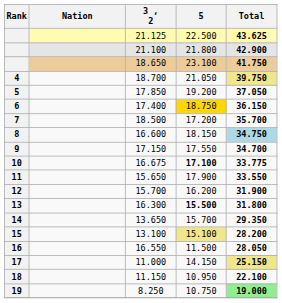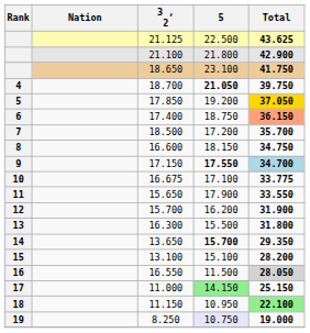 <table class="wikitable sortable" style="text-align:center; font-size:85%">
 <tr>
 <th scope="col" style="width:20px;">Rank</th>
 <th ! scope="col" style="width:120px;">Nation</th>
 <th scope="col" style="width:60px;" !>3 ,<br>2 </th>
 <th ! scope="col" style="width:60px;">5 </th>
 <th ! scope="col" style="width:60px;">Total</th>
 </tr>
 <tr bgcolor=fffcaf>
 <th scope=row></th>
 <td align=left></td>
 <td>21.125</td>
 <td>22.500</td>
 <td><strong>43.625</strong></td>
 </tr>
 <tr bgcolor=e5e5e5>
 <th scope=row></th>
 <td align=left></td>
 <td>21.100</td>
 <td>21.800</td>
 <td><strong>42.900</strong></td>
 </tr>
 <tr bgcolor=eecc99>
 <th scope=row></th>
 <td align=left></td>
 <td>18.650</td>
 <td>23.100</td>
 <td><strong>41.750</strong></td>
 </tr>
 <tr>
 <th scope=row>4</th>
 <td align=left></td>
 <td>18.700</td>
-<td>21.050</td>
-<td style="background: khaki;"><strong>39.750</strong></td>
+<td><strong>21.050</strong></td>
+<td><strong>39.750</strong></td>
 </tr>
 <tr>
 <th scope=row>5</th>
 <td align=left></td>
 <td>17.850</td>
 <td>19.200</td>
-<td><strong>37.050</strong></td>
+<td style="background: gold;"><strong>37.050</strong></td>
 </tr>
 <tr>
 <th scope=row>6</th>
 <td align=left></td>
 <td>17.400</td>
-<td style="background: gold;">18.750</td>
-<td><strong>36.150</strong></td>
+<td>18.750</td>
+<td style="background: lightsalmon;"><strong>36.150</strong></td>
 </tr>
 <tr>
 <th scope=row>7</th>
 <td align=left></td>
 <td>18.500</td>
 <td>17.200</td>
 <td><strong>35.700</strong></td>
 </tr>
 <tr>
 <th scope=row>8</th>
 <td align=left></td>
 <td>16.600</td>
 <td>18.150</td>
-<td style="background: lightblue;"><strong>34.750</strong></td>
+<td><strong>34.750</strong></td>
 </tr>
 <tr>
 <th scope=row>9</th>
 <td align=left></td>
 <td>17.150</td>
-<td>17.550</td>
-<td><strong>34.700</strong></td>
+<td><strong>17.550</strong></td>
+<td style="background: lightblue;"><strong>34.700</strong></td>
 </tr>
 <tr>
 <th scope=row>10</th>
 <td align=left></td>
 <td>16.675</td>
-<td><strong>17.100</strong></td>
+<td>17.100</td>
 <td><strong>33.775</strong></td>
 </tr>
 <tr>
 <th scope=row>11</th>
 <td align=left></td>
 <td>15.650</td>
 <td>17.900</td>
 <td><strong>33.550</strong></td>
 </tr>
 <tr>
 <th scope=row>12</th>
 <td align=left></td>
 <td>15.700</td>
 <td>16.200</td>
 <td><strong>31.900</strong></td>
 </tr>
 <tr>
 <th scope=row>13</th>
 <td align=left></td>
 <td>16.300</td>
-<td><strong>15.500</strong></td>
+<td>15.500</td>
 <td><strong>31.800</strong></td>
 </tr>
 <tr>
 <th scope=row>14</th>
 <td align=left></td>
 <td>13.650</td>
-<td>15.700</td>
+<td><strong>15.700</strong></td>
 <td><strong>29.350</strong></td>
 </tr>
 <tr>
 <th scope=row>15</th>
 <td align=left></td>
 <td>13.100</td>
-<td style="background: khaki;">15.100</td>
+<td>15.100</td>
 <td><strong>28.200</strong></td>
 </tr>
 <tr>
 <th scope=row>16</th>
 <td align=left></td>
 <td>16.550</td>
 <td>11.500</td>
-<td><strong>28.050</strong></td>
+<td style="background: lightgrey;"><strong>28.050</strong></td>
 </tr>
 <tr>
 <th scope=row>17</th>
 <td align=left></td>
 <td>11.000</td>
-<td>14.150</td>
-<td style="background: khaki;"><strong>25.150</strong></td>
+<td style="background: lightgreen;">14.150</td>
+<td><strong>25.150</strong></td>
 </tr>
 <tr>
 <th scope=row>18</th>
 <td align=left></td>
 <td>11.150</td>
 <td>10.950</td>
-<td><strong>22.100</strong></td>
+<td style="background: lightgreen;"><strong>22.100</strong></td>
 </tr>
 <tr>
 <th scope=row>19</th>
 <td align=left></td>
 <td>8.250</td>
-<td>10.750</td>
-<td style="background: lightgreen;"><strong>19.000</strong></td>
+<td style="background: lavender;">10.750</td>
+<td><strong>19.000</strong></td>
 </tr>
 <tr>
 </tr>
 </table>
